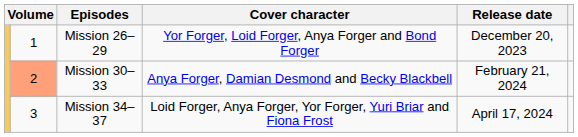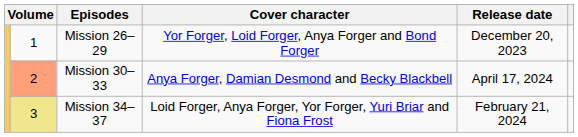 <table class="wikitable" style="text-align: center; width: 55%;">
 <tr>
 <th colspan="2">Volume</th>
 <th>Episodes</th>
 <th>Cover character</th>
 <th>Release date</th>
 <th></th>
 </tr>
 <tr>
 <td rowspan="6" width="1%" style="background: #F8CA5E;"></td>
 <td>1</td>
 <td>Mission 26–29</td>
 <td><a href='#'>Yor Forger</a>, <a href='#'>Loid Forger</a>, Anya Forger and <a href='#'>Bond Forger</a></td>
 <td>December 20, 2023</td>
 <td></td>
 </tr>
 <tr>
 <td style="background: lightsalmon;">2</td>
 <td>Mission 30–33</td>
 <td><a href='#'>Anya Forger</a>, <a href='#'>Damian Desmond</a> and <a href='#'>Becky Blackbell</a></td>
+<td>April 17, 2024</td>
+<td></td>
+</tr>
+<tr>
+<td style="background: khaki;">3</td>
+<td>Mission 34–37</td>
+<td>Loid Forger, Anya Forger, Yor Forger, <a href='#'>Yuri Briar</a> and <a href='#'>Fiona Frost</a></td>
 <td>February 21, 2024</td>
 <td></td>
 </tr>
-<tr>
-<td>3</td>
-<td>Mission 34–37</td>
-<td>Loid Forger, Anya Forger, Yor Forger, <a href='#'>Yuri Briar</a> and <a href='#'>Fiona Frost</a></td>
-<td>April 17, 2024</td>
-<td></td>
-</tr>
 </table>
